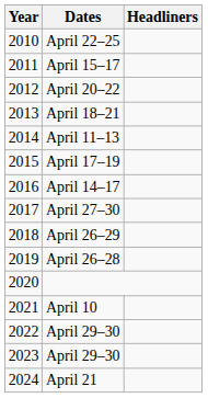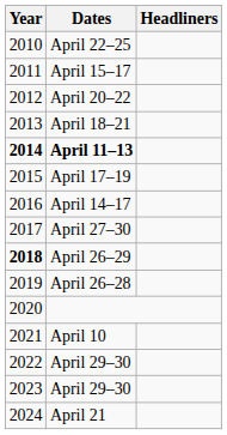 <table class="wikitable sortable mw-collapsible mw-collapsed">
 <tr>
 <th>Year</th>
 <th>Dates</th>
 <th class="unsortable">Headliners</th>
 </tr>
 <tr>
 <td>2010</td>
 <td>April 22–25</td>
 <td></td>
 </tr>
 <tr>
 <td>2011</td>
 <td>April 15–17</td>
 <td></td>
 </tr>
 <tr>
 <td>2012</td>
 <td>April 20–22</td>
 <td></td>
 </tr>
 <tr>
 <td>2013</td>
 <td>April 18–21</td>
 <td></td>
 </tr>
 <tr>
-<td>2014</td>
-<td>April 11–13</td>
+<td><strong>2014</strong></td>
+<td><strong>April 11–13</strong></td>
 <td></td>
 </tr>
 <tr>
 <td>2015</td>
 <td>April 17–19</td>
 <td></td>
 </tr>
 <tr>
 <td>2016</td>
 <td>April 14–17</td>
 <td></td>
 </tr>
 <tr>
 <td>2017</td>
 <td>April 27–30</td>
 <td></td>
 </tr>
 <tr>
-<td>2018</td>
+<td><strong>2018</strong></td>
 <td>April 26–29</td>
 <td></td>
 </tr>
 <tr>
 <td>2019</td>
 <td>April 26–28</td>
 <td></td>
 </tr>
 <tr>
 <td>2020</td>
 <td colspan="2"></td>
 </tr>
 <tr>
 <td>2021</td>
 <td>April 10</td>
 <td></td>
 </tr>
 <tr>
 <td>2022</td>
 <td>April 29–30</td>
 <td></td>
 </tr>
 <tr>
 <td>2023</td>
 <td>April 29–30</td>
 <td></td>
 </tr>
 <tr>
 <td>2024</td>
 <td>April 21</td>
 <td></td>
 </tr>
 </table>
